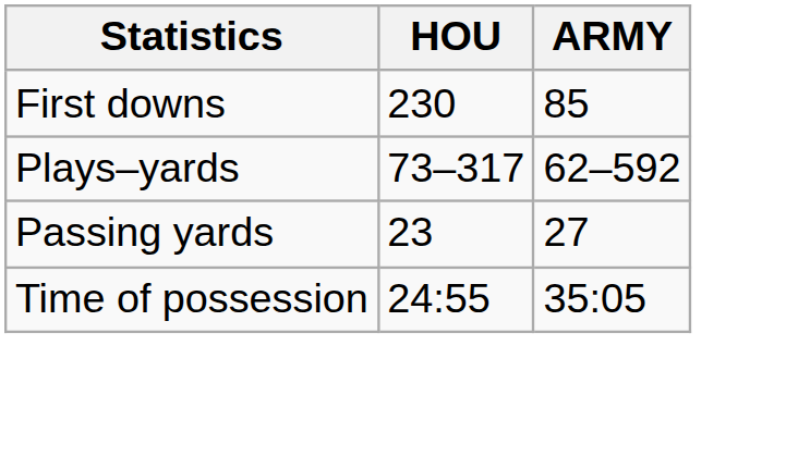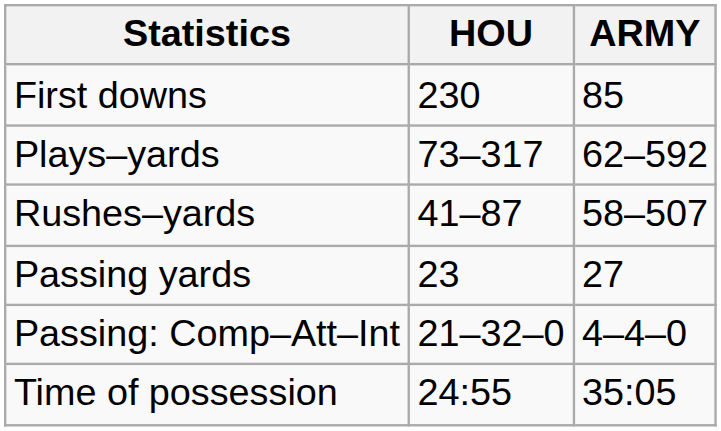 <table class="wikitable">
 <tr>
 <th>Statistics</th>
 <th>HOU</th>
 <th>ARMY</th>
 </tr>
 <tr>
 <td>First downs</td>
 <td>230</td>
 <td>85</td>
 </tr>
 <tr>
 <td>Plays–yards</td>
 <td>73–317</td>
 <td>62–592</td>
 </tr>
 <tr>
+<td>Rushes–yards</td>
+<td>41–87</td>
+<td>58–507</td>
+</tr>
+<tr>
 <td>Passing yards</td>
 <td>23</td>
 <td>27</td>
+</tr>
+<tr>
+<td>Passing: Comp–Att–Int</td>
+<td>21–32–0</td>
+<td>4–4–0</td>
 </tr>
 <tr>
 <td>Time of possession</td>
 <td>24:55</td>
 <td>35:05</td>
 </tr>
 </table>
